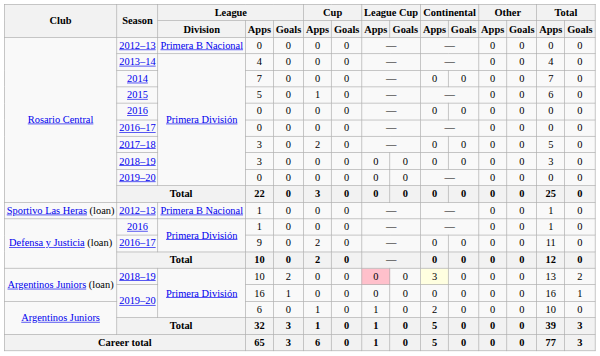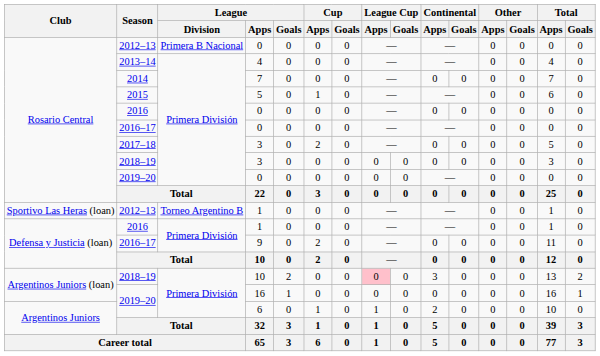 <table class="wikitable" style="text-align:center">
 <tr>
 <th rowspan="2">Club</th>
 <th rowspan="2">Season</th>
 <th colspan="3">League</th>
 <th colspan="2">Cup</th>
 <th colspan="2">League Cup</th>
 <th colspan="2">Continental</th>
 <th colspan="2">Other</th>
 <th colspan="2">Total</th>
 </tr>
 <tr>
 <th>Division</th>
 <th>Apps</th>
 <th>Goals</th>
 <th>Apps</th>
 <th>Goals</th>
 <th>Apps</th>
 <th>Goals</th>
 <th>Apps</th>
 <th>Goals</th>
 <th>Apps</th>
 <th>Goals</th>
 <th>Apps</th>
 <th>Goals</th>
 </tr>
 <tr>
 <td rowspan="10"><a href='#'>Rosario Central</a></td>
 <td><a href='#'>2012–13</a></td>
 <td rowspan="1"><a href='#'>Primera B Nacional</a></td>
 <td>0</td>
 <td>0</td>
 <td>0</td>
 <td>0</td>
 <td colspan="2">—</td>
 <td colspan="2">—</td>
 <td>0</td>
 <td>0</td>
 <td>0</td>
 <td>0</td>
 </tr>
 <tr>
 <td><a href='#'>2013–14</a></td>
 <td rowspan="8"><a href='#'>Primera División</a></td>
 <td>4</td>
 <td>0</td>
 <td>0</td>
 <td>0</td>
 <td colspan="2">—</td>
 <td colspan="2">—</td>
 <td>0</td>
 <td>0</td>
 <td>4</td>
 <td>0</td>
 </tr>
 <tr>
 <td><a href='#'>2014</a></td>
 <td>7</td>
 <td>0</td>
 <td>0</td>
 <td>0</td>
 <td colspan="2">—</td>
 <td>0</td>
 <td>0</td>
 <td>0</td>
 <td>0</td>
 <td>7</td>
 <td>0</td>
 </tr>
 <tr>
 <td><a href='#'>2015</a></td>
 <td>5</td>
 <td>0</td>
 <td>1</td>
 <td>0</td>
 <td colspan="2">—</td>
 <td colspan="2">—</td>
 <td>0</td>
 <td>0</td>
 <td>6</td>
 <td>0</td>
 </tr>
 <tr>
 <td><a href='#'>2016</a></td>
 <td>0</td>
 <td>0</td>
 <td>0</td>
 <td>0</td>
 <td colspan="2">—</td>
 <td>0</td>
 <td>0</td>
 <td>0</td>
 <td>0</td>
 <td>0</td>
 <td>0</td>
 </tr>
 <tr>
 <td><a href='#'>2016–17</a></td>
 <td>0</td>
 <td>0</td>
 <td>0</td>
 <td>0</td>
 <td colspan="2">—</td>
 <td colspan="2">—</td>
 <td>0</td>
 <td>0</td>
 <td>0</td>
 <td>0</td>
 </tr>
 <tr>
 <td><a href='#'>2017–18</a></td>
 <td>3</td>
 <td>0</td>
 <td>2</td>
 <td>0</td>
 <td colspan="2">—</td>
 <td>0</td>
 <td>0</td>
 <td>0</td>
 <td>0</td>
 <td>5</td>
 <td>0</td>
 </tr>
 <tr>
 <td><a href='#'>2018–19</a></td>
 <td>3</td>
 <td>0</td>
 <td>0</td>
 <td>0</td>
 <td>0</td>
 <td>0</td>
 <td>0</td>
 <td>0</td>
 <td>0</td>
 <td>0</td>
 <td>3</td>
 <td>0</td>
 </tr>
 <tr>
 <td><a href='#'>2019–20</a></td>
 <td>0</td>
 <td>0</td>
 <td>0</td>
 <td>0</td>
 <td>0</td>
 <td>0</td>
 <td colspan="2">—</td>
 <td>0</td>
 <td>0</td>
 <td>0</td>
 <td>0</td>
 </tr>
 <tr>
 <th colspan="2">Total</th>
 <th>22</th>
 <th>0</th>
 <th>3</th>
 <th>0</th>
 <th>0</th>
 <th>0</th>
 <th>0</th>
 <th>0</th>
 <th>0</th>
 <th>0</th>
 <th>25</th>
 <th>0</th>
 </tr>
 <tr>
 <td rowspan="1"><a href='#'>Sportivo Las Heras</a> (loan)</td>
 <td><a href='#'>2012–13</a></td>
-<td rowspan="1"><a href='#'>Primera B Nacional</a></td>
+<td rowspan="1"><a href='#'>Torneo Argentino B</a></td>
 <td>1</td>
 <td>0</td>
 <td>0</td>
 <td>0</td>
 <td colspan="2">—</td>
 <td colspan="2">—</td>
 <td>0</td>
 <td>0</td>
 <td>1</td>
 <td>0</td>
 </tr>
 <tr>
 <td rowspan="3"><a href='#'>Defensa y Justicia</a> (loan)</td>
 <td><a href='#'>2016</a></td>
 <td rowspan="2"><a href='#'>Primera División</a></td>
 <td>1</td>
 <td>0</td>
 <td>0</td>
 <td>0</td>
 <td colspan="2">—</td>
 <td colspan="2">—</td>
 <td>0</td>
 <td>0</td>
 <td>1</td>
 <td>0</td>
 </tr>
 <tr>
 <td><a href='#'>2016–17</a></td>
 <td>9</td>
 <td>0</td>
 <td>2</td>
 <td>0</td>
 <td colspan="2">—</td>
 <td>0</td>
 <td>0</td>
 <td>0</td>
 <td>0</td>
 <td>11</td>
 <td>0</td>
 </tr>
 <tr>
 <th colspan="2">Total</th>
 <th>10</th>
 <th>0</th>
 <th>2</th>
 <th>0</th>
 <th colspan="2">—</th>
 <th>0</th>
 <th>0</th>
 <th>0</th>
 <th>0</th>
 <th>12</th>
 <th>0</th>
 </tr>
 <tr>
 <td rowspan="2"><a href='#'>Argentinos Juniors</a> (loan)</td>
 <td><a href='#'>2018–19</a></td>
 <td rowspan="3"><a href='#'>Primera División</a></td>
 <td>10</td>
 <td>2</td>
 <td>0</td>
 <td>0</td>
 <td style="background: pink;">0</td>
 <td>0</td>
-<td style="background: lightyellow;">3</td>
+<td>3</td>
 <td>0</td>
 <td>0</td>
 <td>0</td>
 <td>13</td>
 <td>2</td>
 </tr>
 <tr>
 <td rowspan="2"><a href='#'>2019–20</a></td>
 <td>16</td>
 <td>1</td>
 <td>0</td>
 <td>0</td>
 <td>0</td>
 <td>0</td>
 <td>0</td>
 <td>0</td>
 <td>0</td>
 <td>0</td>
 <td>16</td>
 <td>1</td>
 </tr>
 <tr>
 <td rowspan="2"><a href='#'>Argentinos Juniors</a></td>
 <td>6</td>
 <td>0</td>
 <td>1</td>
 <td>0</td>
 <td>1</td>
 <td>0</td>
 <td>2</td>
 <td>0</td>
 <td>0</td>
 <td>0</td>
 <td>10</td>
 <td>0</td>
 </tr>
 <tr>
 <th colspan="2">Total</th>
 <th>32</th>
 <th>3</th>
 <th>1</th>
 <th>0</th>
 <th>1</th>
 <th>0</th>
 <th>5</th>
 <th>0</th>
 <th>0</th>
 <th>0</th>
 <th>39</th>
 <th>3</th>
 </tr>
 <tr>
 <th colspan="3">Career total</th>
 <th>65</th>
 <th>3</th>
 <th>6</th>
 <th>0</th>
 <th>1</th>
 <th>0</th>
 <th>5</th>
 <th>0</th>
 <th>0</th>
 <th>0</th>
 <th>77</th>
 <th>3</th>
 </tr>
 </table>
